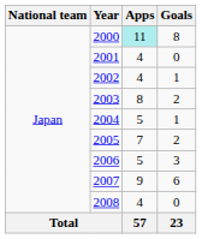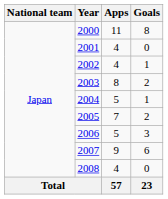 <table class="wikitable" style="text-align:center">
 <tr>
 <th>National team</th>
 <th>Year</th>
 <th>Apps</th>
 <th>Goals</th>
 </tr>
 <tr>
 <td rowspan="9"><a href='#'>Japan</a></td>
 <td><a href='#'>2000</a></td>
-<td style="background: paleturquoise;">11</td>
+<td>11</td>
 <td>8</td>
 </tr>
 <tr>
 <td><a href='#'>2001</a></td>
 <td>4</td>
 <td>0</td>
 </tr>
 <tr>
 <td><a href='#'>2002</a></td>
 <td>4</td>
 <td>1</td>
 </tr>
 <tr>
 <td><a href='#'>2003</a></td>
 <td>8</td>
 <td>2</td>
 </tr>
 <tr>
 <td><a href='#'>2004</a></td>
 <td>5</td>
 <td>1</td>
 </tr>
 <tr>
 <td><a href='#'>2005</a></td>
 <td>7</td>
 <td>2</td>
 </tr>
 <tr>
 <td><a href='#'>2006</a></td>
 <td>5</td>
 <td>3</td>
 </tr>
 <tr>
 <td><a href='#'>2007</a></td>
 <td>9</td>
 <td>6</td>
 </tr>
 <tr>
 <td><a href='#'>2008</a></td>
 <td>4</td>
 <td>0</td>
 </tr>
 <tr>
 <th colspan="2">Total</th>
 <th>57</th>
 <th>23</th>
 </tr>
 </table>
